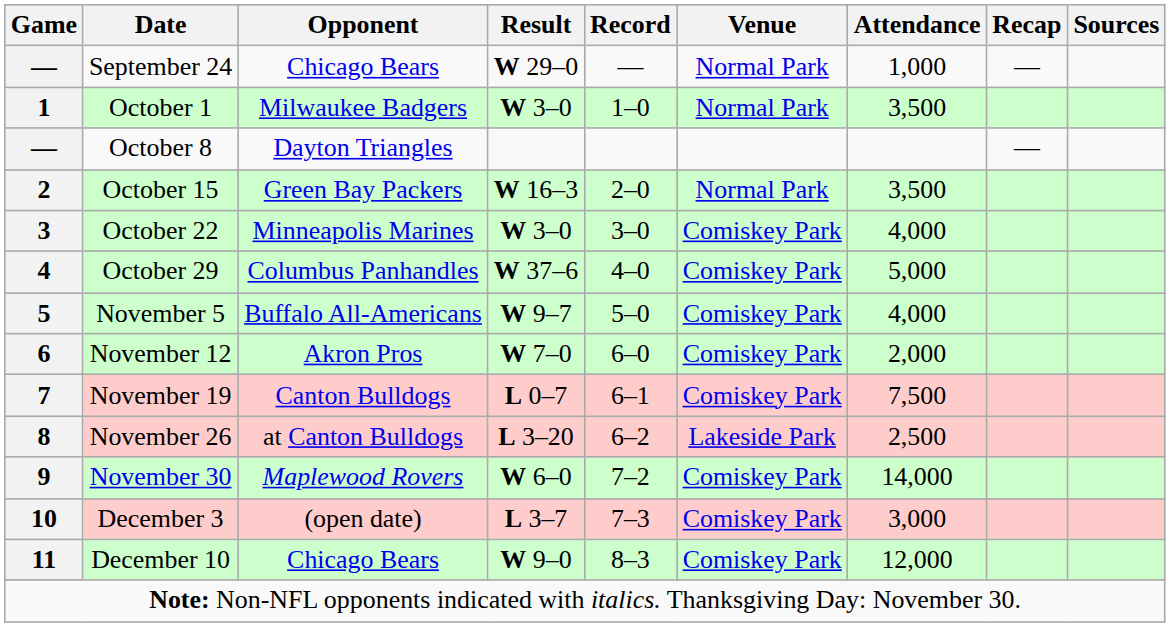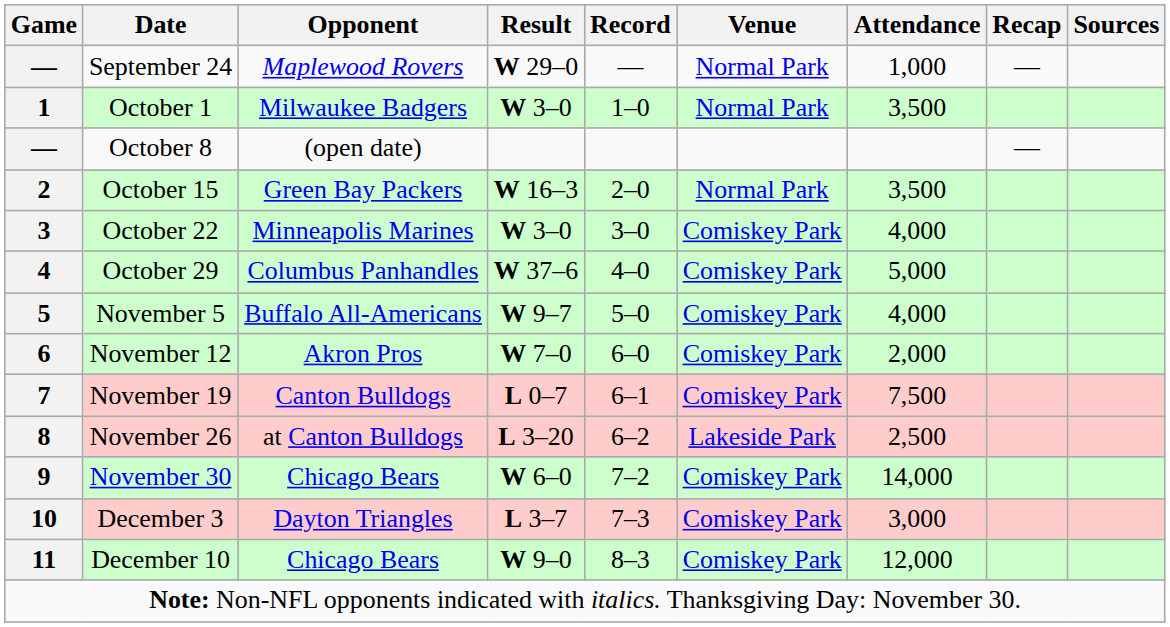 <table class="wikitable" style="text-align:center">
 <tr>
 <th>Game</th>
 <th>Date</th>
 <th>Opponent</th>
 <th>Result</th>
 <th>Record</th>
 <th>Venue</th>
 <th>Attendance</th>
 <th>Recap</th>
 <th>Sources</th>
 </tr>
 <tr>
 <th>—</th>
 <td>September 24</td>
-<td><a href='#'>Chicago Bears</a></td>
+<td><em><a href='#'>Maplewood Rovers</a></em></td>
 <td><strong>W</strong> 29–0</td>
 <td>—</td>
 <td><a href='#'>Normal Park</a></td>
 <td>1,000</td>
 <td>—</td>
 <td></td>
 </tr>
 <tr style="background:#cfc">
 <th>1</th>
 <td>October 1</td>
 <td><a href='#'>Milwaukee Badgers</a></td>
 <td><strong>W</strong> 3–0</td>
 <td>1–0</td>
 <td><a href='#'>Normal Park</a></td>
 <td>3,500</td>
 <td></td>
 <td></td>
 </tr>
 <tr>
 <th>—</th>
 <td>October 8</td>
-<td><a href='#'>Dayton Triangles</a></td>
+<td>(open date)</td>
 <td></td>
 <td></td>
 <td></td>
 <td></td>
 <td>—</td>
 <td></td>
 </tr>
 <tr style="background:#cfc">
 <th>2</th>
 <td>October 15</td>
 <td><a href='#'>Green Bay Packers</a></td>
 <td><strong>W</strong> 16–3</td>
 <td>2–0</td>
 <td><a href='#'>Normal Park</a></td>
 <td>3,500</td>
 <td></td>
 <td></td>
 </tr>
 <tr style="background:#cfc">
 <th>3</th>
 <td>October 22</td>
 <td><a href='#'>Minneapolis Marines</a></td>
 <td><strong>W</strong> 3–0</td>
 <td>3–0</td>
 <td><a href='#'>Comiskey Park</a></td>
 <td>4,000</td>
 <td></td>
 <td></td>
 </tr>
 <tr style="background:#cfc">
 <th>4</th>
 <td>October 29</td>
 <td><a href='#'>Columbus Panhandles</a></td>
 <td><strong>W</strong> 37–6</td>
 <td>4–0</td>
 <td><a href='#'>Comiskey Park</a></td>
 <td>5,000</td>
 <td></td>
 <td></td>
 </tr>
 <tr style="background:#cfc">
 <th>5</th>
 <td>November 5</td>
 <td><a href='#'>Buffalo All-Americans</a></td>
 <td><strong>W</strong> 9–7</td>
 <td>5–0</td>
 <td><a href='#'>Comiskey Park</a></td>
 <td>4,000</td>
 <td></td>
 <td></td>
 </tr>
 <tr style="background:#cfc">
 <th>6</th>
 <td>November 12</td>
 <td><a href='#'>Akron Pros</a></td>
 <td><strong>W</strong> 7–0</td>
 <td>6–0</td>
 <td><a href='#'>Comiskey Park</a></td>
 <td>2,000</td>
 <td></td>
 <td></td>
 </tr>
 <tr style="background:#fcc">
 <th>7</th>
 <td>November 19</td>
 <td><a href='#'>Canton Bulldogs</a></td>
 <td><strong>L</strong> 0–7</td>
 <td>6–1</td>
 <td><a href='#'>Comiskey Park</a></td>
 <td>7,500</td>
 <td></td>
 <td></td>
 </tr>
 <tr style="background:#fcc">
 <th>8</th>
 <td>November 26</td>
 <td>at <a href='#'>Canton Bulldogs</a></td>
 <td><strong>L</strong> 3–20</td>
 <td>6–2</td>
 <td><a href='#'>Lakeside Park</a></td>
 <td>2,500</td>
 <td></td>
 <td></td>
 </tr>
 <tr style="background:#cfc">
 <th>9</th>
 <td><a href='#'>November 30</a></td>
-<td><em><a href='#'>Maplewood Rovers</a></em></td>
+<td><a href='#'>Chicago Bears</a></td>
 <td><strong>W</strong> 6–0</td>
 <td>7–2</td>
 <td><a href='#'>Comiskey Park</a></td>
 <td>14,000</td>
 <td></td>
 <td></td>
 </tr>
 <tr style="background:#fcc">
 <th>10</th>
 <td>December 3</td>
-<td>(open date)</td>
+<td><a href='#'>Dayton Triangles</a></td>
 <td><strong>L</strong> 3–7</td>
 <td>7–3</td>
 <td><a href='#'>Comiskey Park</a></td>
 <td>3,000 </td>
 <td></td>
 <td></td>
 </tr>
 <tr style="background:#cfc">
 <th>11</th>
 <td>December 10</td>
 <td><a href='#'>Chicago Bears</a></td>
 <td><strong>W</strong> 9–0</td>
 <td>8–3</td>
 <td><a href='#'>Comiskey Park</a></td>
 <td>12,000 </td>
 <td></td>
 <td></td>
 </tr>
 <tr>
 <td colspan="10"><strong>Note:</strong> Non-NFL opponents indicated with <em>italics.</em> Thanksgiving Day: November 30.</td>
 </tr>
 </table>
